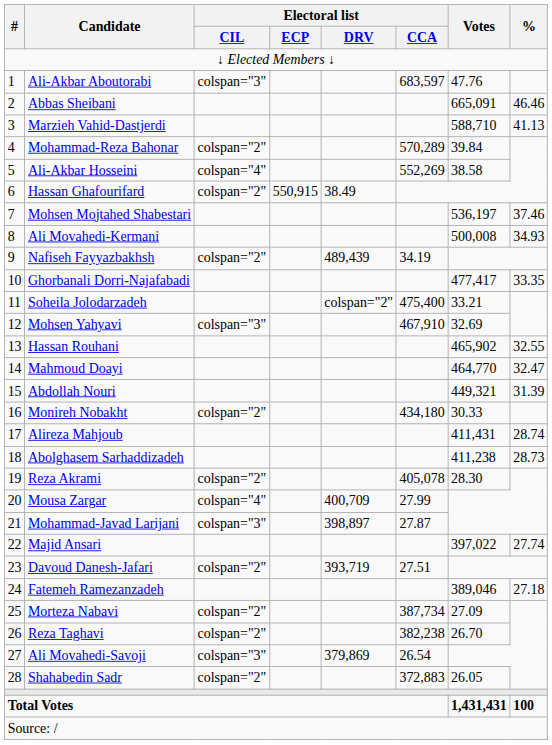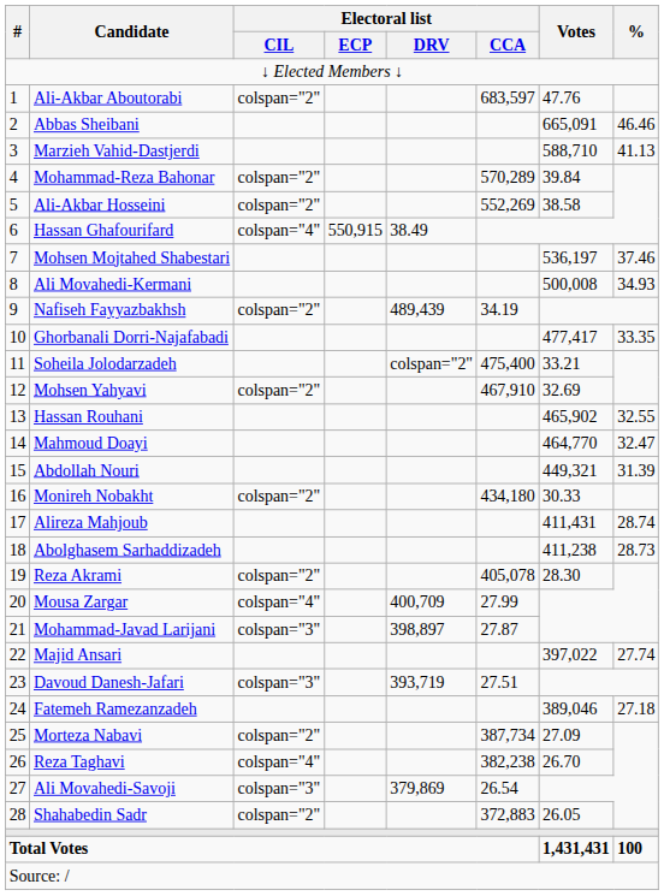 <table class=wikitable>
 <tr>
 <th rowspan="2">#</th>
 <th rowspan="2">Candidate</th>
 <th colspan="4">Electoral list</th>
 <th rowspan="2">Votes</th>
 <th rowspan="2">%</th>
 </tr>
 <tr>
 <th><a href='#'>CIL</a></th>
 <th><a href='#'>ECP</a></th>
 <th><a href='#'>DRV</a></th>
 <th><a href='#'>CCA</a></th>
 </tr>
 <tr>
 <td align=center colspan="16">↓ <em>Elected Members</em> ↓</td>
 </tr>
 <tr>
 <td>1</td>
 <td><a href='#'>Ali-Akbar Aboutorabi</a></td>
-<td>colspan="3" </td>
+<td>colspan="2" </td>
 <td style="text-align:center;"></td>
 <td style="text-align:center;"></td>
 <td>683,597</td>
 <td>47.76</td>
 </tr>
 <tr>
 <td>2</td>
 <td><a href='#'>Abbas Sheibani</a></td>
 <td></td>
 <td style="text-align:center;"></td>
 <td></td>
 <td style="text-align:center;"></td>
 <td>665,091</td>
 <td>46.46</td>
 </tr>
 <tr>
 <td>3</td>
 <td><a href='#'>Marzieh Vahid-Dastjerdi</a></td>
 <td></td>
 <td style="text-align:center;"></td>
 <td style="text-align:center;"></td>
 <td style="text-align:center;"></td>
 <td>588,710</td>
 <td>41.13</td>
 </tr>
 <tr>
 <td>4</td>
 <td><a href='#'>Mohammad-Reza Bahonar</a></td>
 <td>colspan="2" </td>
 <td style="text-align:center;"></td>
 <td style="text-align:center;"></td>
 <td>570,289</td>
 <td>39.84</td>
 </tr>
 <tr>
 <td>5</td>
 <td><a href='#'>Ali-Akbar Hosseini</a></td>
-<td>colspan="4" </td>
+<td>colspan="2" </td>
 <td style="text-align:center;"></td>
 <td style="text-align:center;"></td>
 <td>552,269</td>
 <td>38.58</td>
 </tr>
 <tr>
 <td>6</td>
 <td><a href='#'>Hassan Ghafourifard</a></td>
-<td>colspan="2" </td>
+<td>colspan="4" </td>
 <td>550,915</td>
 <td>38.49</td>
 </tr>
 <tr>
 <td>7</td>
 <td><a href='#'>Mohsen Mojtahed Shabestari</a></td>
 <td></td>
 <td style="text-align:center;"></td>
 <td style="text-align:center;"></td>
 <td style="text-align:center;"></td>
 <td>536,197</td>
 <td>37.46</td>
 </tr>
 <tr>
 <td>8</td>
 <td><a href='#'>Ali Movahedi-Kermani</a></td>
 <td></td>
 <td style="text-align:center;"></td>
 <td style="text-align:center;"></td>
 <td style="text-align:center;"></td>
 <td>500,008</td>
 <td>34.93</td>
 </tr>
 <tr>
 <td>9</td>
 <td><a href='#'>Nafiseh Fayyazbakhsh</a></td>
 <td>colspan="2" </td>
 <td style="text-align:center;"></td>
 <td>489,439</td>
 <td>34.19</td>
 </tr>
 <tr>
 <td>10</td>
 <td><a href='#'>Ghorbanali Dorri-Najafabadi</a></td>
 <td></td>
 <td style="text-align:center;"></td>
 <td style="text-align:center;"></td>
 <td style="text-align:center;"></td>
 <td>477,417</td>
 <td>33.35</td>
 </tr>
 <tr>
 <td>11</td>
 <td><a href='#'>Soheila Jolodarzadeh</a></td>
 <td></td>
 <td style="text-align:center;"></td>
 <td>colspan="2" </td>
 <td>475,400</td>
 <td>33.21</td>
 </tr>
 <tr>
 <td>12</td>
 <td><a href='#'>Mohsen Yahyavi</a></td>
-<td>colspan="3" </td>
+<td>colspan="2" </td>
 <td style="text-align:center;"></td>
 <td style="text-align:center;"></td>
 <td>467,910</td>
 <td>32.69</td>
 </tr>
 <tr>
 <td>13</td>
 <td><a href='#'>Hassan Rouhani</a></td>
 <td></td>
 <td style="text-align:center;"></td>
 <td style="text-align:center;"></td>
 <td style="text-align:center;"></td>
 <td>465,902</td>
 <td>32.55</td>
 </tr>
 <tr>
 <td>14</td>
 <td><a href='#'>Mahmoud Doayi</a></td>
 <td></td>
 <td style="text-align:center;"></td>
 <td></td>
 <td style="text-align:center;"></td>
 <td>464,770</td>
 <td>32.47</td>
 </tr>
 <tr>
 <td>15</td>
 <td><a href='#'>Abdollah Nouri</a></td>
 <td style="text-align:center;"></td>
 <td style="text-align:center;"></td>
 <td style="text-align:center;"></td>
 <td></td>
 <td>449,321</td>
 <td>31.39</td>
 </tr>
 <tr>
 <td>16</td>
 <td><a href='#'>Monireh Nobakht</a></td>
 <td>colspan="2" </td>
 <td style="text-align:center;"></td>
 <td style="text-align:center;"></td>
 <td>434,180</td>
 <td>30.33</td>
 </tr>
 <tr>
 <td>17</td>
 <td><a href='#'>Alireza Mahjoub</a></td>
 <td></td>
 <td style="text-align:center;"></td>
 <td style="text-align:center;"></td>
 <td></td>
 <td>411,431</td>
 <td>28.74</td>
 </tr>
 <tr>
 <td>18</td>
 <td><a href='#'>Abolghasem Sarhaddizadeh</a></td>
 <td style="text-align:center;"></td>
 <td style="text-align:center;"></td>
 <td style="text-align:center;"></td>
 <td></td>
 <td>411,238</td>
 <td>28.73</td>
 </tr>
 <tr>
 <td>19</td>
 <td><a href='#'>Reza Akrami</a></td>
 <td>colspan="2" </td>
 <td style="text-align:center;"></td>
 <td style="text-align:center;"></td>
 <td>405,078</td>
 <td>28.30</td>
 </tr>
 <tr>
 <td>20</td>
 <td><a href='#'>Mousa Zargar</a></td>
 <td>colspan="4" </td>
 <td style="text-align:center;"></td>
 <td>400,709</td>
 <td>27.99</td>
 </tr>
 <tr>
 <td>21</td>
 <td><a href='#'>Mohammad-Javad Larijani</a></td>
 <td>colspan="3" </td>
 <td style="text-align:center;"></td>
 <td>398,897</td>
 <td>27.87</td>
 </tr>
 <tr>
 <td>22</td>
 <td><a href='#'>Majid Ansari</a></td>
 <td style="text-align:center;"></td>
 <td style="text-align:center;"></td>
 <td style="text-align:center;"></td>
 <td></td>
 <td>397,022</td>
 <td>27.74</td>
 </tr>
 <tr>
 <td>23</td>
 <td><a href='#'>Davoud Danesh-Jafari</a></td>
-<td>colspan="2" </td>
+<td>colspan="3" </td>
 <td style="text-align:center;"></td>
 <td>393,719</td>
 <td>27.51</td>
 </tr>
 <tr>
 <td>24</td>
 <td><a href='#'>Fatemeh Ramezanzadeh</a></td>
 <td style="text-align:center;"></td>
 <td style="text-align:center;"></td>
 <td style="text-align:center;"></td>
 <td></td>
 <td>389,046</td>
 <td>27.18</td>
 </tr>
 <tr>
 <td>25</td>
 <td><a href='#'>Morteza Nabavi</a></td>
 <td>colspan="2" </td>
 <td style="text-align:center;"></td>
 <td style="text-align:center;"></td>
 <td>387,734</td>
 <td>27.09</td>
 </tr>
 <tr>
 <td>26</td>
 <td><a href='#'>Reza Taghavi</a></td>
-<td>colspan="2" </td>
+<td>colspan="4" </td>
 <td style="text-align:center;"></td>
 <td style="text-align:center;"></td>
 <td>382,238</td>
 <td>26.70</td>
 </tr>
 <tr>
 <td>27</td>
 <td><a href='#'>Ali Movahedi-Savoji</a></td>
 <td>colspan="3" </td>
 <td style="text-align:center;"></td>
 <td>379,869</td>
 <td>26.54</td>
 </tr>
 <tr>
 <td>28</td>
 <td><a href='#'>Shahabedin Sadr</a></td>
 <td>colspan="2" </td>
 <td style="text-align:center;"></td>
 <td style="text-align:center;"></td>
 <td>372,883</td>
 <td>26.05</td>
 </tr>
 <tr>
 <td colspan="8" style="background:#E9E9E9;"></td>
 </tr>
 <tr>
 <td colspan="6"><strong>Total Votes</strong></td>
 <td><strong>1,431,431</strong></td>
 <td><strong>100</strong></td>
 </tr>
 <tr>
 <td colspan="8">Source:  / </td>
 </tr>
 </table>
